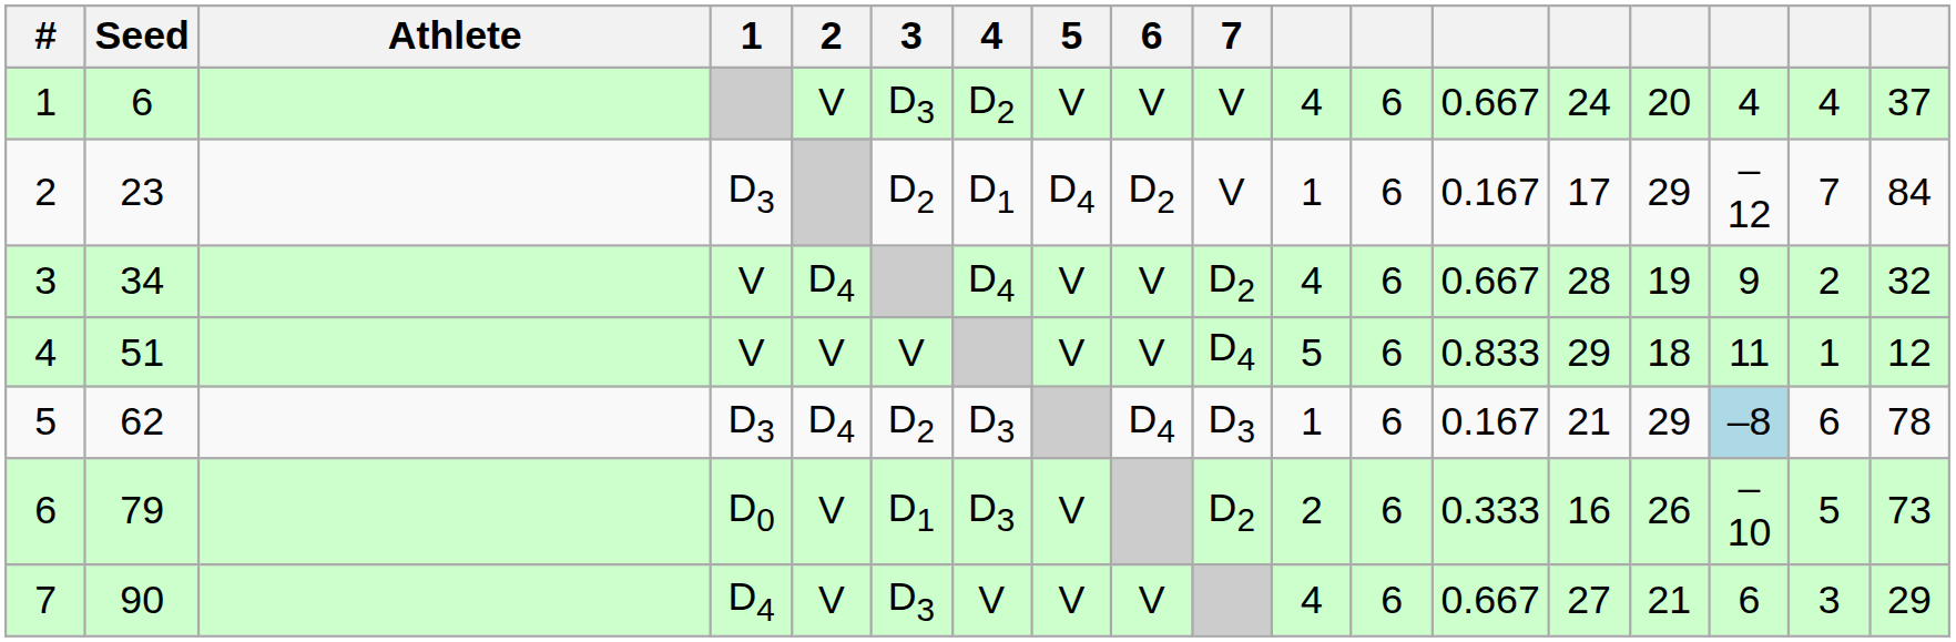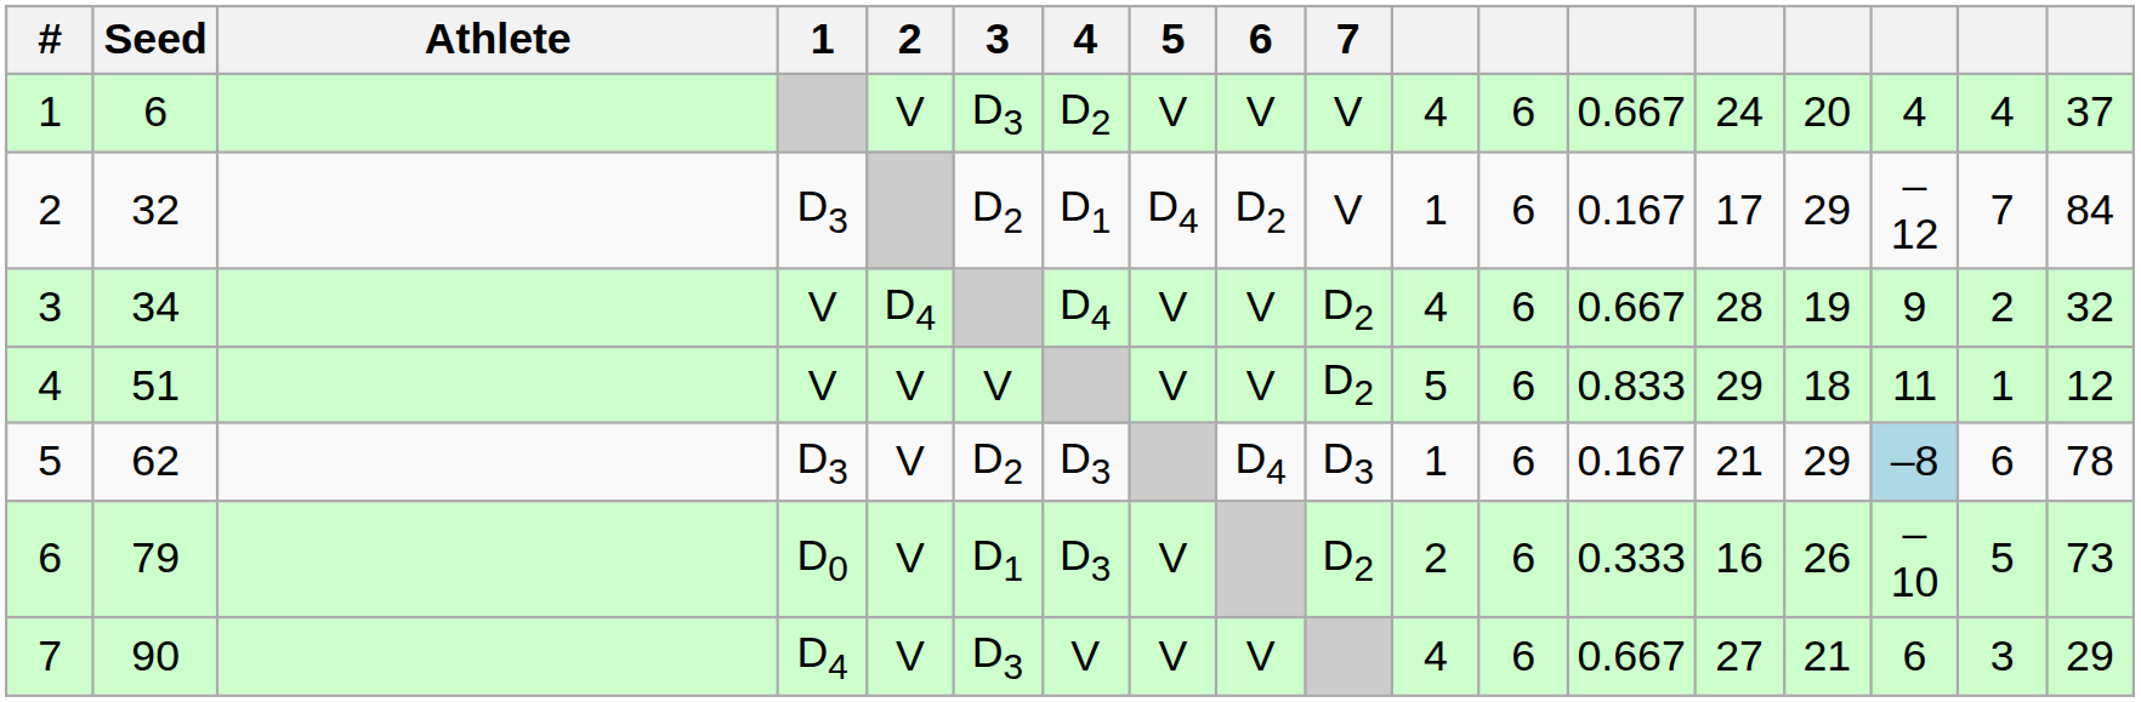 <table class="wikitable" style="text-align:center">
 <tr>
 <th width="25">#</th>
 <th width="25">Seed</th>
 <th width="200">Athlete</th>
 <th width="25">1</th>
 <th width="25">2</th>
 <th width="25">3</th>
 <th width="25">4</th>
 <th width="25">5</th>
 <th width="25">6</th>
 <th width="25">7</th>
 <th width="25"></th>
 <th width="25"></th>
 <th width="40"></th>
 <th width="25"></th>
 <th width="25"></th>
 <th width="25"></th>
 <th width="25"></th>
 <th width="25"></th>
 </tr>
 <tr bgcolor="ccffcc">
 <td>1</td>
 <td>6</td>
 <td align=left></td>
 <td bgcolor="#cccccc"></td>
 <td>V</td>
 <td>D<sub>3</sub></td>
 <td>D<sub>2</sub></td>
 <td>V</td>
 <td>V</td>
 <td>V</td>
 <td>4</td>
 <td>6</td>
 <td>0.667</td>
 <td>24</td>
 <td>20</td>
 <td>4</td>
 <td>4</td>
 <td>37</td>
 </tr>
 <tr>
 <td>2</td>
-<td>23</td>
+<td>32</td>
 <td align=left></td>
 <td>D<sub>3</sub></td>
 <td bgcolor="#cccccc"></td>
 <td>D<sub>2</sub></td>
 <td>D<sub>1</sub></td>
 <td>D<sub>4</sub></td>
 <td>D<sub>2</sub></td>
 <td>V</td>
 <td>1</td>
 <td>6</td>
 <td>0.167</td>
 <td>17</td>
 <td>29</td>
 <td>–12</td>
 <td>7</td>
 <td>84</td>
 </tr>
 <tr bgcolor="ccffcc">
 <td>3</td>
 <td>34</td>
 <td align=left></td>
 <td>V</td>
 <td>D<sub>4</sub></td>
 <td bgcolor="#cccccc"></td>
 <td>D<sub>4</sub></td>
 <td>V</td>
 <td>V</td>
 <td>D<sub>2</sub></td>
 <td>4</td>
 <td>6</td>
 <td>0.667</td>
 <td>28</td>
 <td>19</td>
 <td>9</td>
 <td>2</td>
 <td>32</td>
 </tr>
 <tr bgcolor="ccffcc">
 <td>4</td>
 <td>51</td>
 <td align=left></td>
 <td>V</td>
 <td>V</td>
 <td>V</td>
 <td bgcolor="#cccccc"></td>
 <td>V</td>
 <td>V</td>
-<td>D<sub>4</sub></td>
+<td>D<sub>2</sub></td>
 <td>5</td>
 <td>6</td>
 <td>0.833</td>
 <td>29</td>
 <td>18</td>
 <td>11</td>
 <td>1</td>
 <td>12</td>
 </tr>
 <tr>
 <td>5</td>
 <td>62</td>
 <td align=left></td>
 <td>D<sub>3</sub></td>
-<td>D<sub>4</sub></td>
+<td>V</td>
 <td>D<sub>2</sub></td>
 <td>D<sub>3</sub></td>
 <td bgcolor="#cccccc"></td>
 <td>D<sub>4</sub></td>
 <td>D<sub>3</sub></td>
 <td>1</td>
 <td>6</td>
 <td>0.167</td>
 <td>21</td>
 <td>29</td>
 <td style="background: lightblue;">–8</td>
 <td>6</td>
 <td>78</td>
 </tr>
 <tr bgcolor="ccffcc">
 <td>6</td>
 <td>79</td>
 <td align=left></td>
 <td>D<sub>0</sub></td>
 <td>V</td>
 <td>D<sub>1</sub></td>
 <td>D<sub>3</sub></td>
 <td>V</td>
 <td bgcolor="#cccccc"></td>
 <td>D<sub>2</sub></td>
 <td>2</td>
 <td>6</td>
 <td>0.333</td>
 <td>16</td>
 <td>26</td>
 <td>–10</td>
 <td>5</td>
 <td>73</td>
 </tr>
 <tr bgcolor="ccffcc">
 <td>7</td>
 <td>90</td>
 <td align=left></td>
 <td>D<sub>4</sub></td>
 <td>V</td>
 <td>D<sub>3</sub></td>
 <td>V</td>
 <td>V</td>
 <td>V</td>
 <td bgcolor="#cccccc"></td>
 <td>4</td>
 <td>6</td>
 <td>0.667</td>
 <td>27</td>
 <td>21</td>
 <td>6</td>
 <td>3</td>
 <td>29</td>
 </tr>
 </table>
